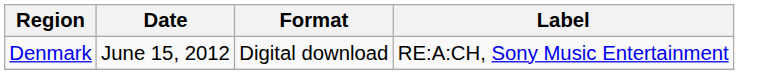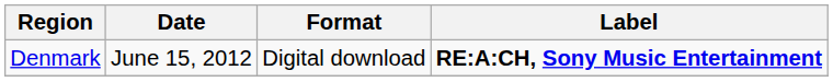 <table class=wikitable>
 <tr>
 <th>Region</th>
 <th>Date</th>
 <th>Format</th>
 <th>Label</th>
 </tr>
 <tr>
 <td><a href='#'>Denmark</a></td>
 <td>June 15, 2012</td>
 <td>Digital download</td>
-<td>RE:A:CH, <a href='#'>Sony Music Entertainment</a></td>
+<td><strong>RE:A:CH, <a href='#'>Sony Music Entertainment</a></strong></td>
 </tr>
 <tr>
 </tr>
 </table>
